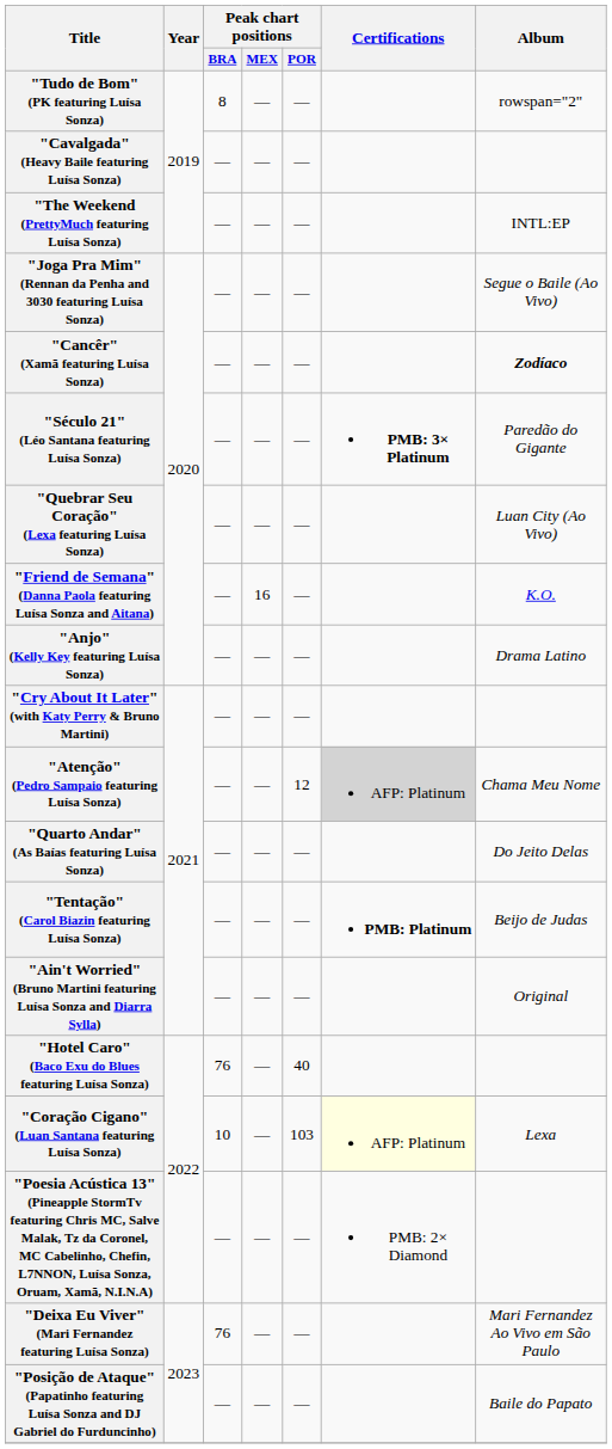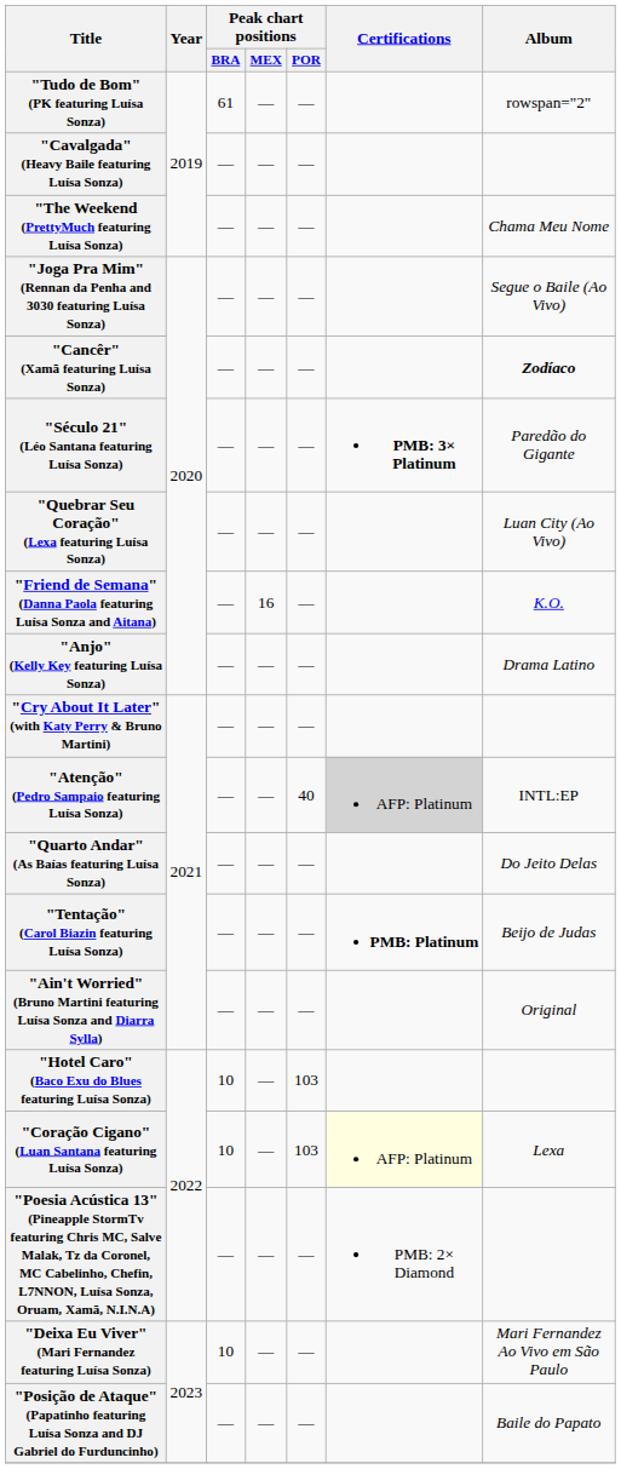 <table class="wikitable plainrowheaders" style="text-align:center;" border="1">
 <tr>
 <th scope="col" rowspan="2" style="width:17.5em;">Title</th>
 <th scope="col" rowspan="2" style="width:1em;">Year</th>
 <th scope="col" colspan="3">Peak chart positions</th>
 <th scope="col" rowspan="2" style="width:15em;"><a href='#'>Certifications</a></th>
 <th scope="col" rowspan="2" style="width:13em;">Album</th>
 </tr>
 <tr>
 <th scope="col" style="width:3em;font-size:85%;"><a href='#'>BRA</a><br></th>
 <th scope="col" style="width:3em;font-size:85%;"><a href='#'>MEX</a><br></th>
 <th scope="col" style="width:3em;font-size:85%;"><a href='#'>POR</a><br></th>
 </tr>
 <tr>
 <th scope="row">"Tudo de Bom"<br><small>(PK featuring Luísa Sonza)</small></th>
 <td rowspan="3">2019</td>
-<td>8</td>
+<td>61</td>
 <td>—</td>
 <td>—</td>
 <td></td>
 <td>rowspan="2" </td>
 </tr>
 <tr>
 <th scope="row">"Cavalgada"<br><small>(Heavy Baile featuring Luísa Sonza)</small></th>
 <td>—</td>
 <td>—</td>
 <td>—</td>
 <td></td>
 </tr>
 <tr>
 <th scope="row">"The Weekend<br><small>(<a href='#'>PrettyMuch</a> featuring Luísa Sonza)</small></th>
 <td>—</td>
 <td>—</td>
 <td>—</td>
 <td></td>
-<td>INTL:EP</td>
+<td><em>Chama Meu Nome</em></td>
 </tr>
 <tr>
 <th scope="row">"Joga Pra Mim"<br><small>(Rennan da Penha and 3030 featuring Luísa Sonza)</small></th>
 <td rowspan="6">2020</td>
 <td>—</td>
 <td>—</td>
 <td>—</td>
 <td></td>
 <td><em>Segue o Baile (Ao Vivo)</em></td>
 </tr>
 <tr>
 <th scope="row">"Cancêr"<br><small>(Xamã featuring Luísa Sonza)</small></th>
 <td>—</td>
 <td>—</td>
 <td>—</td>
 <td></td>
 <td><strong><em>Zodíaco</em></strong></td>
 </tr>
 <tr>
 <th scope="row">"Século 21"<br><small>(Léo Santana featuring Luísa Sonza)</small></th>
 <td>—</td>
 <td>—</td>
 <td>—</td>
 <td><strong><br><ul><li>PMB: 3× Platinum</li></ul></strong></td>
 <td><em>Paredão do Gigante</em></td>
 </tr>
 <tr>
 <th scope="row">"Quebrar Seu Coração"<br><small>(<a href='#'>Lexa</a> featuring Luísa Sonza)</small></th>
 <td>—</td>
 <td>—</td>
 <td>—</td>
 <td></td>
 <td><em>Luan City (Ao Vivo)</em></td>
 </tr>
 <tr>
 <th scope="row">"<a href='#'>Friend de Semana</a>"<br><small>(<a href='#'>Danna Paola</a> featuring Luísa Sonza and <a href='#'>Aitana</a>)</small></th>
 <td>—</td>
 <td>16</td>
 <td>—</td>
 <td></td>
 <td><em><a href='#'>K.O.</a></em></td>
 </tr>
 <tr>
 <th scope="row">"Anjo"<br><small>(<a href='#'>Kelly Key</a> featuring Luísa Sonza)</small></th>
 <td>—</td>
 <td>—</td>
 <td>—</td>
 <td></td>
 <td><em>Drama Latino</em></td>
 </tr>
 <tr>
 <th scope="row">"<a href='#'>Cry About It Later</a>"<br><small>(with <a href='#'>Katy Perry</a> & Bruno Martini)</small></th>
 <td rowspan="5">2021</td>
 <td>—</td>
 <td>—</td>
 <td>—</td>
 <td></td>
 <td></td>
 </tr>
 <tr>
 <th scope="row">"Atenção"<br><small>(<a href='#'>Pedro Sampaio</a> featuring Luísa Sonza)</small></th>
 <td>—</td>
 <td>—</td>
-<td>12</td>
+<td>40</td>
 <td style="background: lightgrey;"><br><ul><li>AFP: Platinum</li></ul></td>
-<td><em>Chama Meu Nome</em></td>
+<td>INTL:EP</td>
 </tr>
 <tr>
 <th scope="row">"Quarto Andar"<br><small>(As Baías featuring Luísa Sonza)</small></th>
 <td>—</td>
 <td>—</td>
 <td>—</td>
 <td></td>
 <td><em>Do Jeito Delas</em></td>
 </tr>
 <tr>
 <th scope="row">"Tentação"<br><small>(<a href='#'>Carol Biazin</a> featuring Luísa Sonza)</small></th>
 <td>—</td>
 <td>—</td>
 <td>—</td>
 <td><strong><br><ul><li>PMB: Platinum</li></ul></strong></td>
 <td><em>Beijo de Judas</em></td>
 </tr>
 <tr>
 <th scope="row">"Ain't Worried"<br><small>(Bruno Martini featuring Luísa Sonza and <a href='#'>Diarra Sylla</a>)</small></th>
 <td>—</td>
 <td>—</td>
 <td>—</td>
 <td></td>
 <td><em>Original</em></td>
 </tr>
 <tr>
 <th scope="row">"Hotel Caro"<br><small>(<a href='#'>Baco Exu do Blues</a> featuring Luísa Sonza)</small></th>
 <td rowspan="3">2022</td>
-<td>76</td>
+<td>10</td>
 <td>—</td>
-<td>40</td>
+<td>103</td>
 <td></td>
 </tr>
 <tr>
 <th scope="row">"Coração Cigano"<br><small>(<a href='#'>Luan Santana</a> featuring Luísa Sonza)</small></th>
 <td>10</td>
 <td>—</td>
 <td>103</td>
 <td style="background: lightyellow;"><br><ul><li>AFP: Platinum</li></ul></td>
 <td><em>Lexa</em></td>
 </tr>
 <tr>
 <th scope="row">"Poesia Acústica 13"<br><small>(Pineapple StormTv featuring Chris MC, Salve Malak, Tz da Coronel, MC Cabelinho, Chefin, L7NNON, Luísa Sonza, Oruam, Xamã, N.I.N.A)</small></th>
 <td>—</td>
 <td>—</td>
 <td>—</td>
 <td><br><ul><li>PMB: 2× Diamond</li></ul></td>
 <td></td>
 </tr>
 <tr>
 <th scope="row">"Deixa Eu Viver"<br><small>(Mari Fernandez featuring Luísa Sonza)</small></th>
 <td rowspan="2">2023</td>
-<td>76</td>
+<td>10</td>
 <td>—</td>
 <td>—</td>
 <td></td>
 <td><em>Mari Fernandez Ao Vivo em São Paulo</em></td>
 </tr>
 <tr>
 <th scope="row">"Posição de Ataque"<br><small>(Papatinho featuring Luísa Sonza and DJ Gabriel do Furduncinho)</small></th>
 <td>—</td>
 <td>—</td>
 <td>—</td>
 <td></td>
 <td><em>Baile do Papato</em></td>
 </tr>
 <tr>
 </tr>
 </table>
